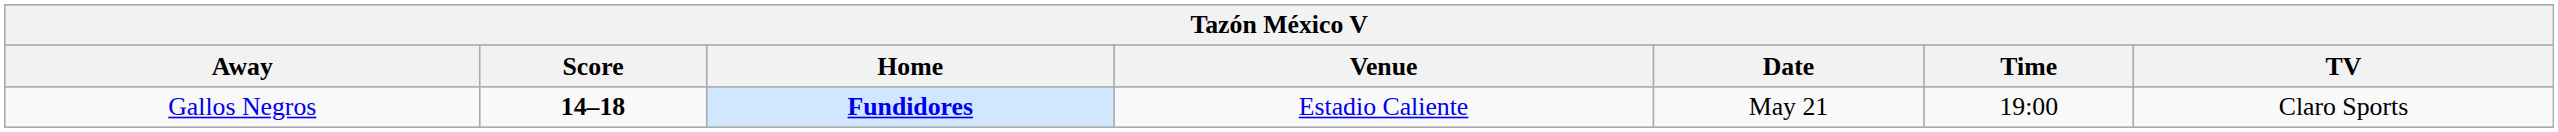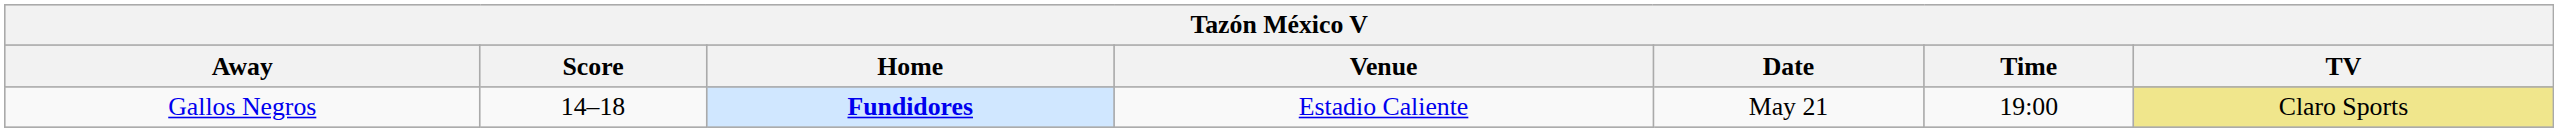 <table class="wikitable mw-collapsible" style="width:100%;">
 <tr>
 <th colspan="8">Tazón México V</th>
 </tr>
 <tr>
 <th>Away</th>
 <th>Score</th>
 <th>Home</th>
 <th>Venue</th>
 <th>Date</th>
 <th>Time</th>
 <th>TV</th>
 </tr>
 <tr align="center">
 <td><a href='#'>Gallos Negros</a></td>
-<td><strong>14–18</strong></td>
+<td>14–18</td>
 <td bgcolor="#D0E7FF"><strong><a href='#'>Fundidores</a></strong></td>
 <td><a href='#'>Estadio Caliente</a></td>
 <td>May 21</td>
 <td>19:00</td>
-<td>Claro Sports</td>
+<td style="background: khaki;">Claro Sports</td>
 </tr>
 </table>
